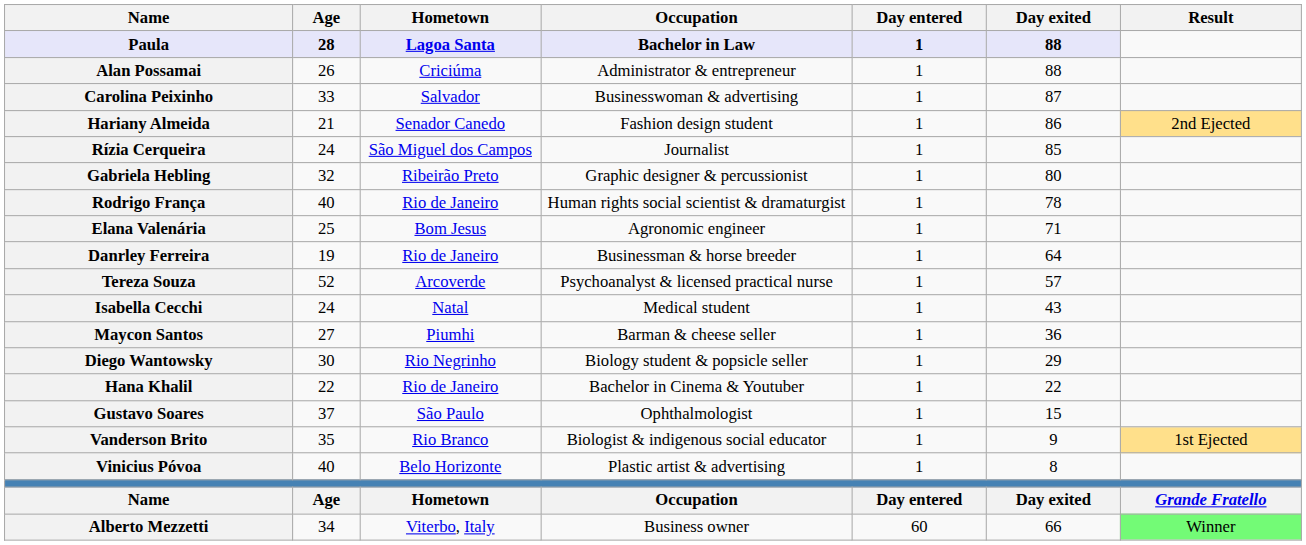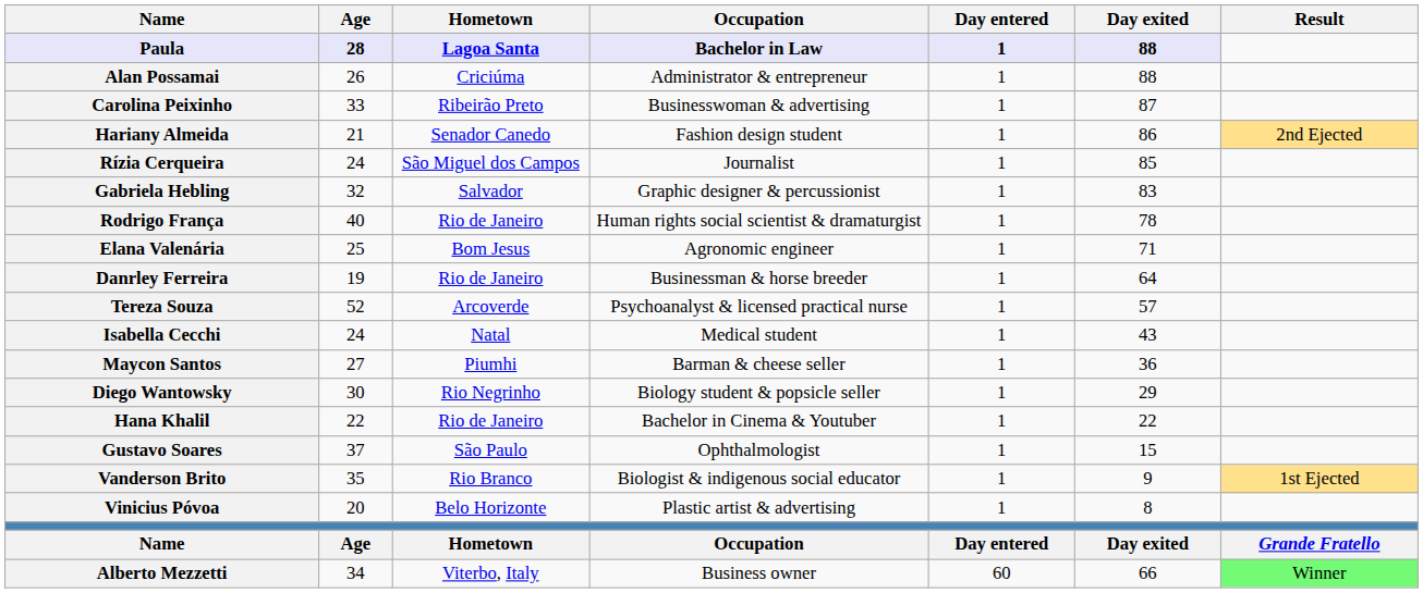 <table class="wikitable sortable" style="text-align:center;">
 <tr>
 <th scope="col" width="21.5%">Name</th>
 <th scope="col" width="05.0%">Age</th>
 <th scope="col" width="13.5%">Hometown</th>
 <th scope="col" width="13.5%">Occupation</th>
 <th scope="col" width="10.0%">Day entered</th>
 <th scope="col" width="10.0%">Day exited</th>
 <th scope="col" width="13.5%">Result</th>
 </tr>
 <tr>
 <td bgcolor="E6E6FA"><strong>Paula </strong></td>
 <td bgcolor="E6E6FA"><strong>28</strong></td>
 <td bgcolor="E6E6FA"><strong><a href='#'>Lagoa Santa</a></strong></td>
 <td bgcolor="E6E6FA"><strong>Bachelor in Law</strong></td>
 <td bgcolor="E6E6FA"><strong>1</strong></td>
 <td bgcolor="E6E6FA"><strong>88</strong></td>
 <td></td>
 </tr>
 <tr>
 <th>Alan Possamai</th>
 <td>26</td>
 <td><a href='#'>Criciúma</a></td>
 <td>Administrator & entrepreneur</td>
 <td>1</td>
 <td>88</td>
 <td></td>
 </tr>
 <tr>
 <th>Carolina Peixinho</th>
 <td>33</td>
-<td><a href='#'>Salvador</a></td>
+<td><a href='#'>Ribeirão Preto</a></td>
 <td>Businesswoman & advertising</td>
 <td>1</td>
 <td>87</td>
 <td></td>
 </tr>
 <tr>
 <th>Hariany Almeida</th>
 <td>21</td>
 <td><a href='#'>Senador Canedo</a></td>
 <td>Fashion design student</td>
 <td>1</td>
 <td>86</td>
 <td bgcolor=FFE08B>2nd Ejected</td>
 </tr>
 <tr>
 <th>Rízia Cerqueira</th>
 <td>24</td>
 <td nowrap><a href='#'>São Miguel dos Campos</a></td>
 <td>Journalist</td>
 <td>1</td>
 <td>85</td>
 <td></td>
 </tr>
 <tr>
 <th>Gabriela Hebling</th>
 <td>32</td>
-<td><a href='#'>Ribeirão Preto</a></td>
+<td><a href='#'>Salvador</a></td>
 <td>Graphic designer & percussionist</td>
 <td>1</td>
-<td>80</td>
+<td>83</td>
 <td></td>
 </tr>
 <tr>
 <th>Rodrigo França</th>
 <td>40</td>
 <td><a href='#'>Rio de Janeiro</a></td>
 <td nowrap>Human rights social scientist & dramaturgist</td>
 <td>1</td>
 <td>78</td>
 <td></td>
 </tr>
 <tr>
 <th>Elana Valenária</th>
 <td>25</td>
 <td><a href='#'>Bom Jesus</a></td>
 <td>Agronomic engineer</td>
 <td>1</td>
 <td>71</td>
 <td></td>
 </tr>
 <tr>
 <th>Danrley Ferreira</th>
 <td>19</td>
 <td><a href='#'>Rio de Janeiro</a></td>
 <td>Businessman & horse breeder</td>
 <td>1</td>
 <td>64</td>
 <td></td>
 </tr>
 <tr>
 <th>Tereza Souza</th>
 <td>52</td>
 <td><a href='#'>Arcoverde</a></td>
 <td>Psychoanalyst & licensed practical nurse</td>
 <td>1</td>
 <td>57</td>
 <td></td>
 </tr>
 <tr>
 <th>Isabella Cecchi</th>
 <td>24</td>
 <td><a href='#'>Natal</a></td>
 <td>Medical student</td>
 <td>1</td>
 <td>43</td>
 <td></td>
 </tr>
 <tr>
 <th>Maycon Santos</th>
 <td>27</td>
 <td><a href='#'>Piumhi</a></td>
 <td>Barman & cheese seller</td>
 <td>1</td>
 <td>36</td>
 <td></td>
 </tr>
 <tr>
 <th>Diego Wantowsky</th>
 <td>30</td>
 <td><a href='#'>Rio Negrinho</a></td>
 <td>Biology student & popsicle seller</td>
 <td>1</td>
 <td>29</td>
 <td></td>
 </tr>
 <tr>
 <th>Hana Khalil</th>
 <td>22</td>
 <td><a href='#'>Rio de Janeiro</a></td>
 <td>Bachelor in Cinema & Youtuber</td>
 <td>1</td>
 <td>22</td>
 <td></td>
 </tr>
 <tr>
 <th>Gustavo Soares</th>
 <td>37</td>
 <td><a href='#'>São Paulo</a></td>
 <td>Ophthalmologist</td>
 <td>1</td>
 <td>15</td>
 <td></td>
 </tr>
 <tr>
 <th>Vanderson Brito</th>
 <td>35</td>
 <td><a href='#'>Rio Branco</a></td>
 <td>Biologist & indigenous social educator</td>
 <td>1</td>
 <td>9</td>
 <td bgcolor=FFE08B>1st Ejected</td>
 </tr>
 <tr>
 <th>Vinicius Póvoa</th>
-<td>40</td>
+<td>20</td>
 <td><a href='#'>Belo Horizonte</a></td>
 <td>Plastic artist & advertising</td>
 <td>1</td>
 <td>8</td>
 <td></td>
 </tr>
 <tr>
 <td bgcolor=4682B4 colspan=9></td>
 </tr>
 <tr>
 <th>Name</th>
 <th>Age</th>
 <th>Hometown</th>
 <th>Occupation</th>
 <th>Day entered</th>
 <th>Day exited</th>
 <th><em><a href='#'>Grande Fratello</a></em></th>
 </tr>
 <tr>
 <th>Alberto Mezzetti</th>
 <td>34</td>
 <td><a href='#'>Viterbo</a>, <a href='#'>Italy</a></td>
 <td>Business owner</td>
 <td>60</td>
 <td>66</td>
 <td bgcolor=73FB76>Winner</td>
 </tr>
 </table>
